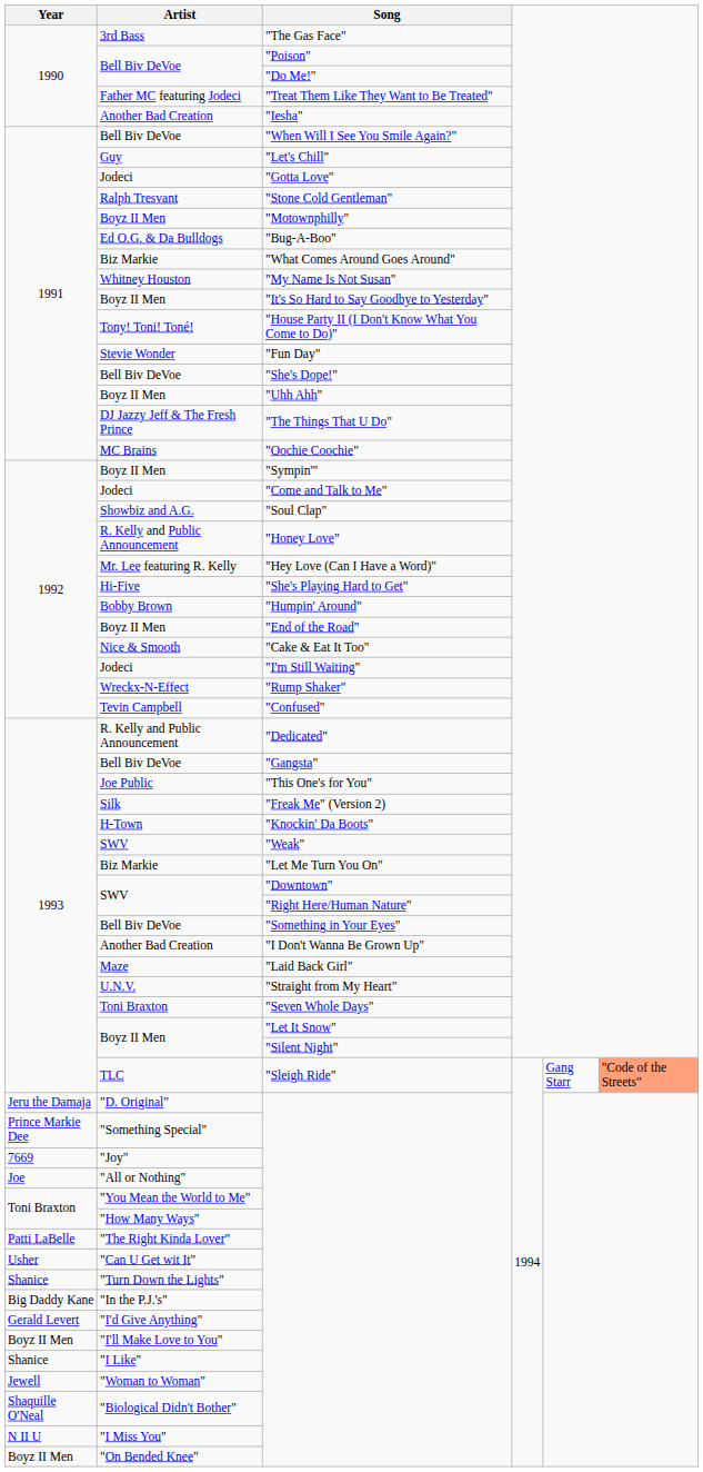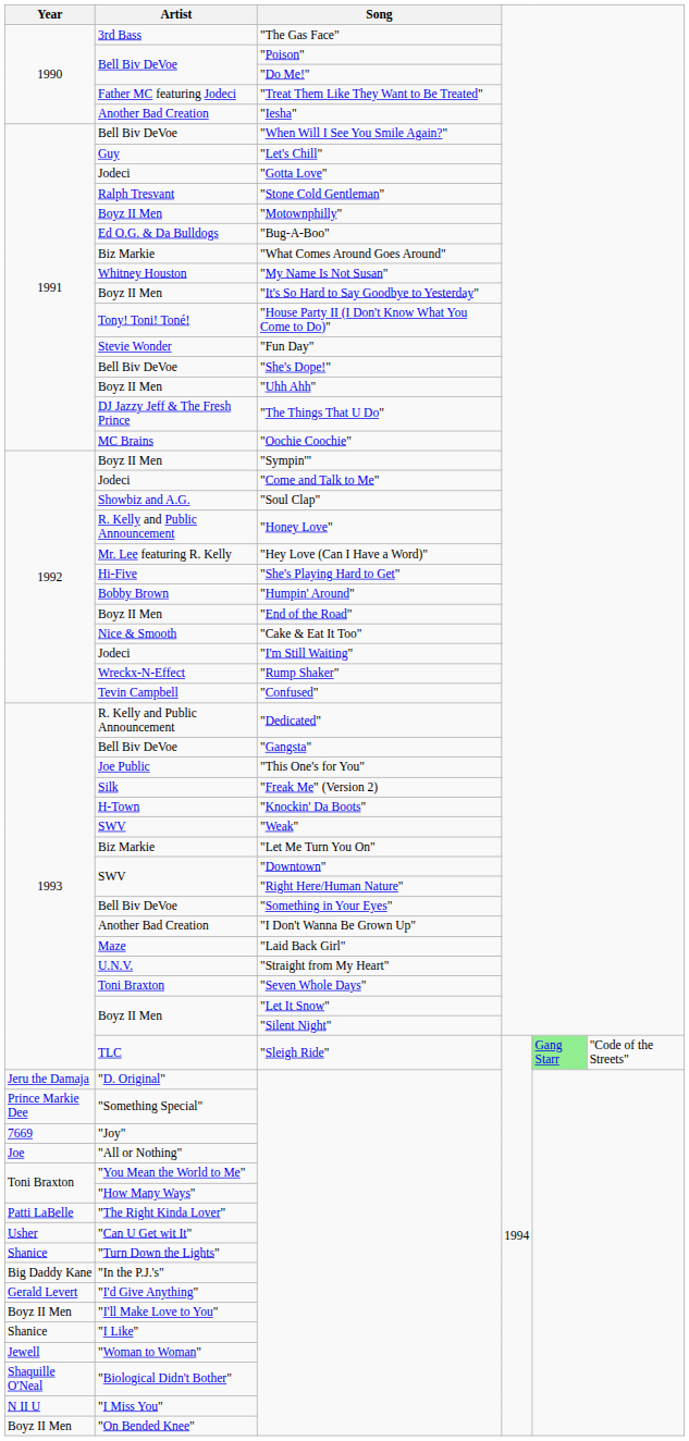 <table class="wikitable">
 <tr>
 <th>Year</th>
 <th>Artist</th>
 <th>Song</th>
 </tr>
 <tr>
 <td rowspan=5 align=center>1990</td>
 <td><a href='#'>3rd Bass</a></td>
 <td>"The Gas Face"</td>
 </tr>
 <tr>
 <td rowspan=2><a href='#'>Bell Biv DeVoe</a></td>
 <td>"<a href='#'>Poison</a>" </td>
 </tr>
 <tr>
 <td>"<a href='#'>Do Me!</a>"</td>
 </tr>
 <tr>
 <td><a href='#'>Father MC</a> featuring <a href='#'>Jodeci</a></td>
 <td>"<a href='#'>Treat Them Like They Want to Be Treated</a>"</td>
 </tr>
 <tr>
 <td><a href='#'>Another Bad Creation</a></td>
 <td>"<a href='#'>Iesha</a>"</td>
 </tr>
 <tr>
 <td rowspan=15 align=center>1991</td>
 <td>Bell Biv DeVoe</td>
 <td>"<a href='#'>When Will I See You Smile Again?</a>"</td>
 </tr>
 <tr>
 <td><a href='#'>Guy</a></td>
 <td>"<a href='#'>Let's Chill</a>"</td>
 </tr>
 <tr>
 <td>Jodeci</td>
 <td>"<a href='#'>Gotta Love</a>"</td>
 </tr>
 <tr>
 <td><a href='#'>Ralph Tresvant</a></td>
 <td>"<a href='#'>Stone Cold Gentleman</a>"</td>
 </tr>
 <tr>
 <td><a href='#'>Boyz II Men</a></td>
 <td>"<a href='#'>Motownphilly</a>"</td>
 </tr>
 <tr>
 <td><a href='#'>Ed O.G. & Da Bulldogs</a></td>
 <td>"Bug-A-Boo"</td>
 </tr>
 <tr>
 <td>Biz Markie</td>
 <td>"What Comes Around Goes Around"</td>
 </tr>
 <tr>
 <td><a href='#'>Whitney Houston</a></td>
 <td>"<a href='#'>My Name Is Not Susan</a>"</td>
 </tr>
 <tr>
 <td>Boyz II Men</td>
 <td>"<a href='#'>It's So Hard to Say Goodbye to Yesterday</a>"</td>
 </tr>
 <tr>
 <td><a href='#'>Tony! Toni! Toné!</a></td>
 <td>"<a href='#'>House Party II (I Don't Know What You Come to Do)</a>"</td>
 </tr>
 <tr>
 <td><a href='#'>Stevie Wonder</a></td>
 <td>"Fun Day"</td>
 </tr>
 <tr>
 <td>Bell Biv DeVoe</td>
 <td>"<a href='#'>She's Dope!</a>"</td>
 </tr>
 <tr>
 <td>Boyz II Men</td>
 <td>"<a href='#'>Uhh Ahh</a>"</td>
 </tr>
 <tr>
 <td><a href='#'>DJ Jazzy Jeff & The Fresh Prince</a></td>
 <td>"<a href='#'>The Things That U Do</a>"</td>
 </tr>
 <tr>
 <td><a href='#'>MC Brains</a></td>
 <td>"<a href='#'>Oochie Coochie</a>"</td>
 </tr>
 <tr>
 <td rowspan=12 align=center>1992</td>
 <td>Boyz II Men</td>
 <td>"Sympin'"</td>
 </tr>
 <tr>
 <td>Jodeci</td>
 <td>"<a href='#'>Come and Talk to Me</a>"</td>
 </tr>
 <tr>
 <td><a href='#'>Showbiz and A.G.</a></td>
 <td>"Soul Clap"</td>
 </tr>
 <tr>
 <td><a href='#'>R. Kelly</a> and <a href='#'>Public Announcement</a></td>
 <td>"<a href='#'>Honey Love</a>"</td>
 </tr>
 <tr>
 <td><a href='#'>Mr. Lee</a> featuring R. Kelly</td>
 <td>"Hey Love (Can I Have a Word)"</td>
 </tr>
 <tr>
 <td><a href='#'>Hi-Five</a></td>
 <td>"<a href='#'>She's Playing Hard to Get</a>"</td>
 </tr>
 <tr>
 <td><a href='#'>Bobby Brown</a></td>
 <td>"<a href='#'>Humpin' Around</a>"</td>
 </tr>
 <tr>
 <td>Boyz II Men</td>
 <td>"<a href='#'>End of the Road</a>"</td>
 </tr>
 <tr>
 <td><a href='#'>Nice & Smooth</a></td>
 <td>"Cake & Eat It Too"</td>
 </tr>
 <tr>
 <td>Jodeci</td>
 <td>"<a href='#'>I'm Still Waiting</a>"</td>
 </tr>
 <tr>
 <td><a href='#'>Wreckx-N-Effect</a></td>
 <td>"<a href='#'>Rump Shaker</a>"</td>
 </tr>
 <tr>
 <td><a href='#'>Tevin Campbell</a></td>
 <td>"<a href='#'>Confused</a>"</td>
 </tr>
 <tr>
 <td rowspan=17 align=center>1993</td>
 <td>R. Kelly and Public Announcement</td>
 <td>"<a href='#'>Dedicated</a>"</td>
 </tr>
 <tr>
 <td>Bell Biv DeVoe</td>
 <td>"<a href='#'>Gangsta</a>"</td>
 </tr>
 <tr>
 <td><a href='#'>Joe Public</a></td>
 <td>"This One's for You"</td>
 </tr>
 <tr>
 <td><a href='#'>Silk</a></td>
 <td>"<a href='#'>Freak Me</a>" (Version 2)</td>
 </tr>
 <tr>
 <td><a href='#'>H-Town</a></td>
 <td>"<a href='#'>Knockin' Da Boots</a>"</td>
 </tr>
 <tr>
 <td><a href='#'>SWV</a></td>
 <td>"<a href='#'>Weak</a>"</td>
 </tr>
 <tr>
 <td>Biz Markie</td>
 <td>"Let Me Turn You On"</td>
 </tr>
 <tr>
 <td rowspan=2>SWV</td>
 <td>"<a href='#'>Downtown</a>"</td>
 </tr>
 <tr>
 <td>"<a href='#'>Right Here/Human Nature</a>"</td>
 </tr>
 <tr>
 <td>Bell Biv DeVoe</td>
 <td>"<a href='#'>Something in Your Eyes</a>"</td>
 </tr>
 <tr>
 <td>Another Bad Creation</td>
 <td>"I Don't Wanna Be Grown Up"</td>
 </tr>
 <tr>
 <td><a href='#'>Maze</a></td>
 <td>"Laid Back Girl"</td>
 </tr>
 <tr>
 <td><a href='#'>U.N.V.</a></td>
 <td>"Straight from My Heart"</td>
 </tr>
 <tr>
 <td><a href='#'>Toni Braxton</a></td>
 <td>"<a href='#'>Seven Whole Days</a>"</td>
 </tr>
 <tr>
 <td rowspan=2>Boyz II Men</td>
 <td>"<a href='#'>Let It Snow</a>"</td>
 </tr>
 <tr>
 <td>"<a href='#'>Silent Night</a>"</td>
 </tr>
 <tr>
 <td><a href='#'>TLC</a></td>
 <td>"<a href='#'>Sleigh Ride</a>"</td>
 <td rowspan=18 align=center>1994</td>
-<td><a href='#'>Gang Starr</a></td>
-<td style="background: lightsalmon;">"Code of the Streets"</td>
+<td style="background: lightgreen;"><a href='#'>Gang Starr</a></td>
+<td>"Code of the Streets"</td>
 </tr>
 <tr>
 <td><a href='#'>Jeru the Damaja</a></td>
 <td>"<a href='#'>D. Original</a>"</td>
 </tr>
 <tr>
 <td><a href='#'>Prince Markie Dee</a></td>
 <td>"Something Special"</td>
 </tr>
 <tr>
 <td><a href='#'>7669</a></td>
 <td>"Joy"</td>
 </tr>
 <tr>
 <td><a href='#'>Joe</a></td>
 <td>"All or Nothing"</td>
 </tr>
 <tr>
 <td rowspan=2>Toni Braxton</td>
 <td>"<a href='#'>You Mean the World to Me</a>"</td>
 </tr>
 <tr>
 <td>"<a href='#'>How Many Ways</a>"</td>
 </tr>
 <tr>
 <td><a href='#'>Patti LaBelle</a></td>
 <td>"<a href='#'>The Right Kinda Lover</a>"</td>
 </tr>
 <tr>
 <td><a href='#'>Usher</a></td>
 <td>"<a href='#'>Can U Get wit It</a>"</td>
 </tr>
 <tr>
 <td><a href='#'>Shanice</a></td>
 <td>"<a href='#'>Turn Down the Lights</a>"</td>
 </tr>
 <tr>
 <td>Big Daddy Kane</td>
 <td>"In the P.J.'s"</td>
 </tr>
 <tr>
 <td><a href='#'>Gerald Levert</a></td>
 <td>"<a href='#'>I'd Give Anything</a>"</td>
 </tr>
 <tr>
 <td>Boyz II Men</td>
 <td>"<a href='#'>I'll Make Love to You</a>"</td>
 </tr>
 <tr>
 <td>Shanice</td>
 <td>"<a href='#'>I Like</a>"</td>
 </tr>
 <tr>
 <td><a href='#'>Jewell</a></td>
 <td>"<a href='#'>Woman to Woman</a>"</td>
 </tr>
 <tr>
 <td><a href='#'>Shaquille O'Neal</a></td>
 <td>"<a href='#'>Biological Didn't Bother</a>"</td>
 </tr>
 <tr>
 <td><a href='#'>N II U</a></td>
 <td>"<a href='#'>I Miss You</a>"</td>
 </tr>
 <tr>
 <td>Boyz II Men</td>
 <td>"<a href='#'>On Bended Knee</a>"</td>
 </tr>
 </table>
